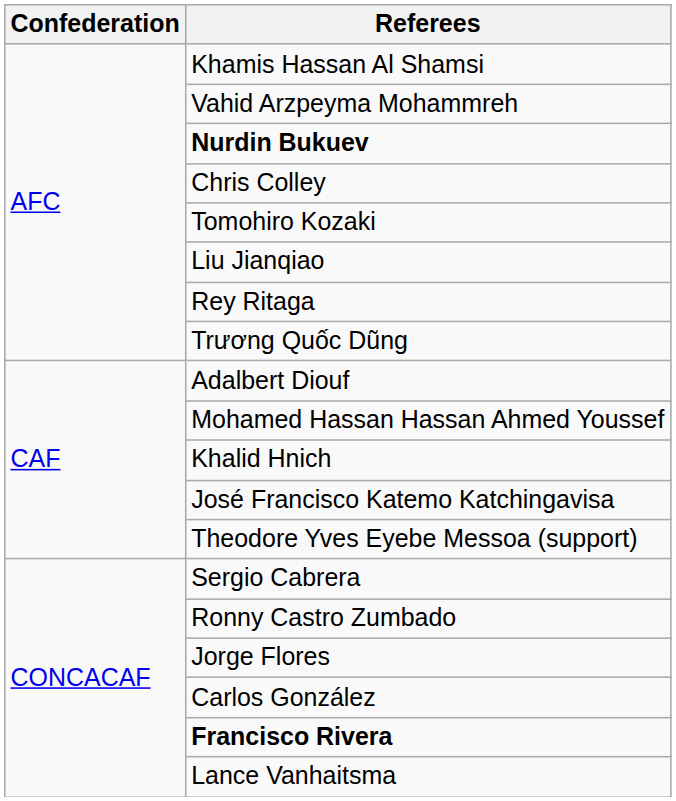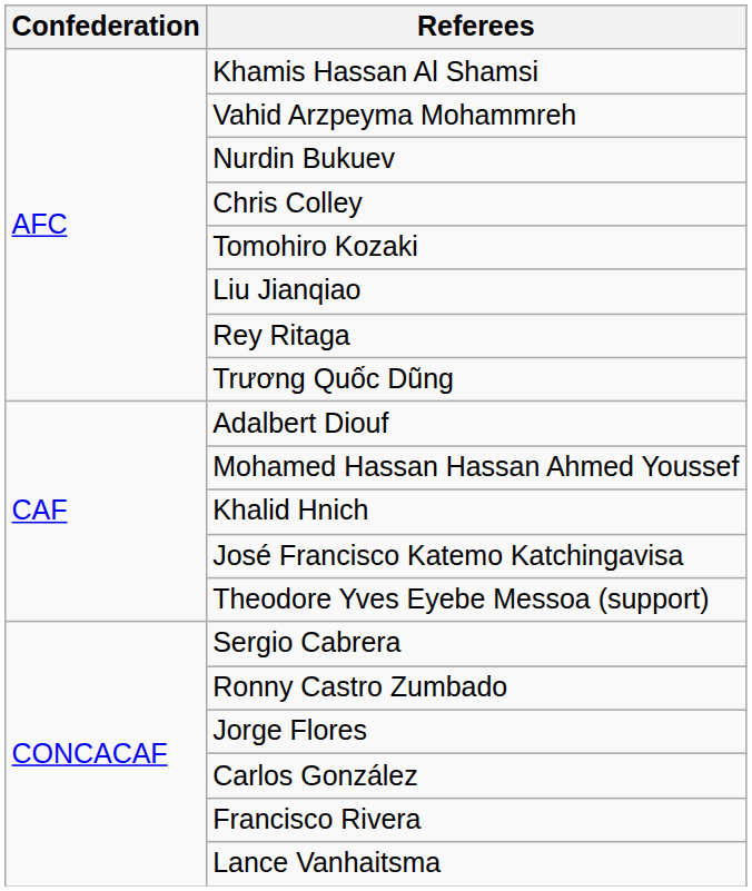 <table class="wikitable">
 <tr>
 <th>Confederation</th>
 <th>Referees</th>
 </tr>
 <tr>
 <td rowspan="8"><a href='#'>AFC</a></td>
 <td> Khamis Hassan Al Shamsi</td>
 </tr>
 <tr>
 <td> Vahid Arzpeyma Mohammreh</td>
 </tr>
 <tr>
-<td><strong> Nurdin Bukuev</strong></td>
+<td> Nurdin Bukuev</td>
 </tr>
 <tr>
 <td> Chris Colley</td>
 </tr>
 <tr>
 <td> Tomohiro Kozaki</td>
 </tr>
 <tr>
 <td> Liu Jianqiao</td>
 </tr>
 <tr>
 <td> Rey Ritaga</td>
 </tr>
 <tr>
 <td> Trương Quốc Dũng</td>
 </tr>
 <tr>
 <td rowspan="5"><a href='#'>CAF</a></td>
 <td> Adalbert Diouf</td>
 </tr>
 <tr>
 <td> Mohamed Hassan Hassan Ahmed Youssef</td>
 </tr>
 <tr>
 <td> Khalid Hnich</td>
 </tr>
 <tr>
 <td> José Francisco Katemo Katchingavisa</td>
 </tr>
 <tr>
 <td> Theodore Yves Eyebe Messoa (support)</td>
 </tr>
 <tr>
 <td rowspan="6"><a href='#'>CONCACAF</a></td>
 <td> Sergio Cabrera</td>
 </tr>
 <tr>
 <td> Ronny Castro Zumbado</td>
 </tr>
 <tr>
 <td> Jorge Flores</td>
 </tr>
 <tr>
 <td> Carlos González</td>
 </tr>
 <tr>
-<td><strong> Francisco Rivera</strong></td>
+<td> Francisco Rivera</td>
 </tr>
 <tr>
 <td> Lance Vanhaitsma</td>
 </tr>
 </table>
